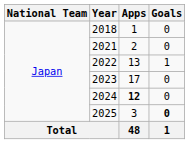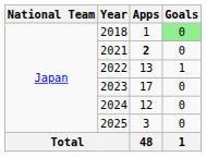 <table class="wikitable" style="text-align:center">
 <tr>
 <th>National Team</th>
 <th>Year</th>
 <th>Apps</th>
 <th>Goals</th>
 </tr>
 <tr>
 <td rowspan="6"><a href='#'>Japan</a></td>
 <td>2018</td>
 <td>1</td>
-<td>0</td>
+<td style="background: lightgreen;">0</td>
 </tr>
 <tr>
 <td>2021</td>
-<td>2</td>
+<td><strong>2</strong></td>
 <td>0</td>
 </tr>
 <tr>
 <td>2022</td>
 <td>13</td>
 <td>1</td>
 </tr>
 <tr>
 <td>2023</td>
 <td>17</td>
 <td>0</td>
 </tr>
 <tr>
 <td>2024</td>
-<td><strong>12</strong></td>
+<td>12</td>
 <td>0</td>
 </tr>
 <tr>
 <td>2025</td>
 <td>3</td>
-<td><strong>0</strong></td>
+<td>0</td>
 </tr>
 <tr>
 <th colspan="2">Total</th>
 <th>48</th>
 <th>1</th>
 </tr>
 </table>
